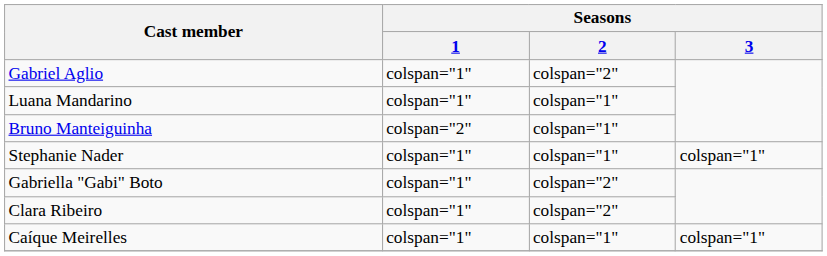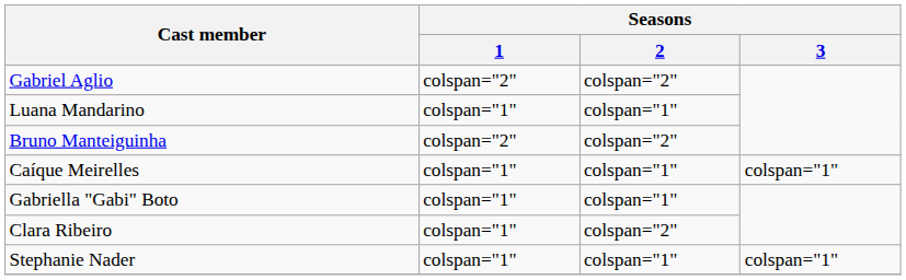 <table class="wikitable plainrowheaders" width="60%">
 <tr>
 <th scope="col" rowspan="2" style="width:20%;">Cast member</th>
 <th colspan="3" scope="col">Seasons</th>
 </tr>
 <tr>
 <th scope="col" style="width:5%;"><a href='#'>1</a></th>
 <th scope="col" style="width:5%;"><a href='#'>2</a></th>
 <th scope="col" style="width:5%;"><a href='#'>3</a></th>
 </tr>
 <tr>
 <td scope="row"><a href='#'>Gabriel Aglio</a></td>
-<td>colspan="1" </td>
+<td>colspan="2" </td>
 <td>colspan="2" </td>
 </tr>
 <tr>
 <td scope="row">Luana Mandarino</td>
 <td>colspan="1" </td>
 <td>colspan="1" </td>
 </tr>
 <tr>
 <td scope="row"><a href='#'>Bruno Manteiguinha</a></td>
 <td>colspan="2" </td>
-<td>colspan="1" </td>
-</tr>
-<tr>
-<td scope="row">Stephanie Nader</td>
-<td>colspan="1" </td>
-<td>colspan="1" </td>
-<td>colspan="1" </td>
-</tr>
-<tr>
-<td scope="row">Gabriella "Gabi" Boto</td>
-<td>colspan="1" </td>
-<td>colspan="2" </td>
-</tr>
-<tr>
-<td scope="row">Clara Ribeiro</td>
-<td>colspan="1" </td>
 <td>colspan="2" </td>
 </tr>
 <tr>
 <td scope="row">Caíque Meirelles</td>
 <td>colspan="1" </td>
 <td>colspan="1" </td>
 <td>colspan="1" </td>
 </tr>
 <tr>
+<td scope="row">Gabriella "Gabi" Boto</td>
+<td>colspan="1" </td>
+<td>colspan="1" </td>
+</tr>
+<tr>
+<td scope="row">Clara Ribeiro</td>
+<td>colspan="1" </td>
+<td>colspan="2" </td>
+</tr>
+<tr>
+<td scope="row">Stephanie Nader</td>
+<td>colspan="1" </td>
+<td>colspan="1" </td>
+<td>colspan="1" </td>
+</tr>
+<tr>
 </tr>
 </table>
